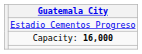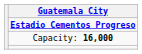 <table class="wikitable" style="text-align:center">
 <tr>
 <th rowspan="8"></th>
 <th><a href='#'>Guatemala City</a></th>
 </tr>
 <tr>
-<td><a href='#'>Estadio Cementos Progreso</a></td>
+<td><strong><a href='#'>Estadio Cementos Progreso</a></strong></td>
 </tr>
 <tr>
 <td>Capacity: <strong>16,000</strong></td>
 </tr>
 <tr>
 <td></td>
 </tr>
 </table>
